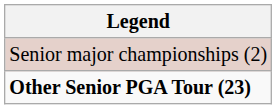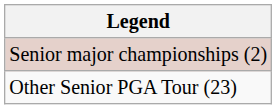 <table class="wikitable" style="font-size:95%;">
 <tr>
 <th>Legend</th>
 </tr>
 <tr style="background:#e5d1cb;">
 <td>Senior major championships (2)</td>
 </tr>
 <tr>
-<td><strong>Other Senior PGA Tour (23)</strong></td>
+<td>Other Senior PGA Tour (23)</td>
 </tr>
 </table>
